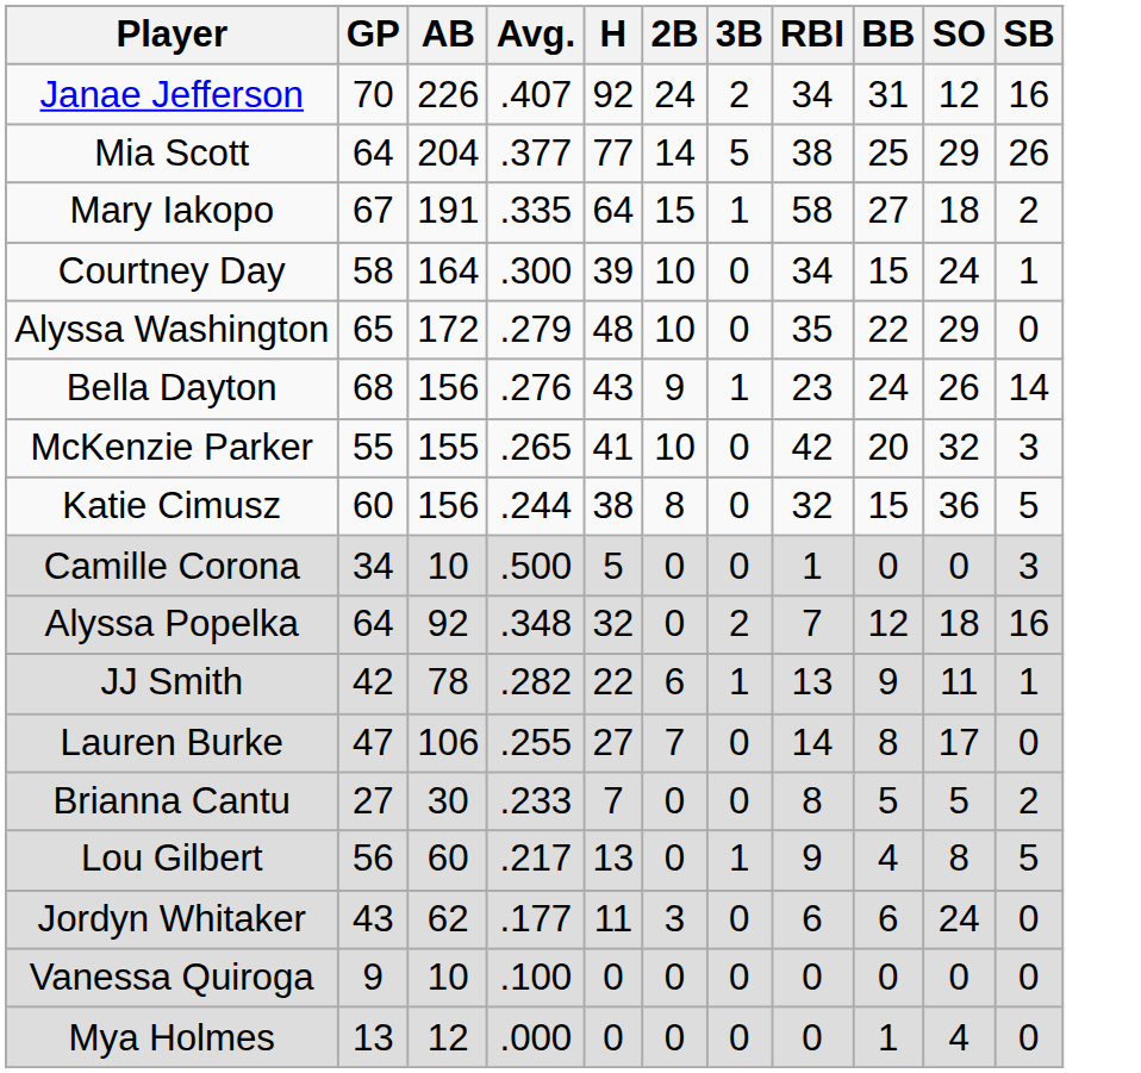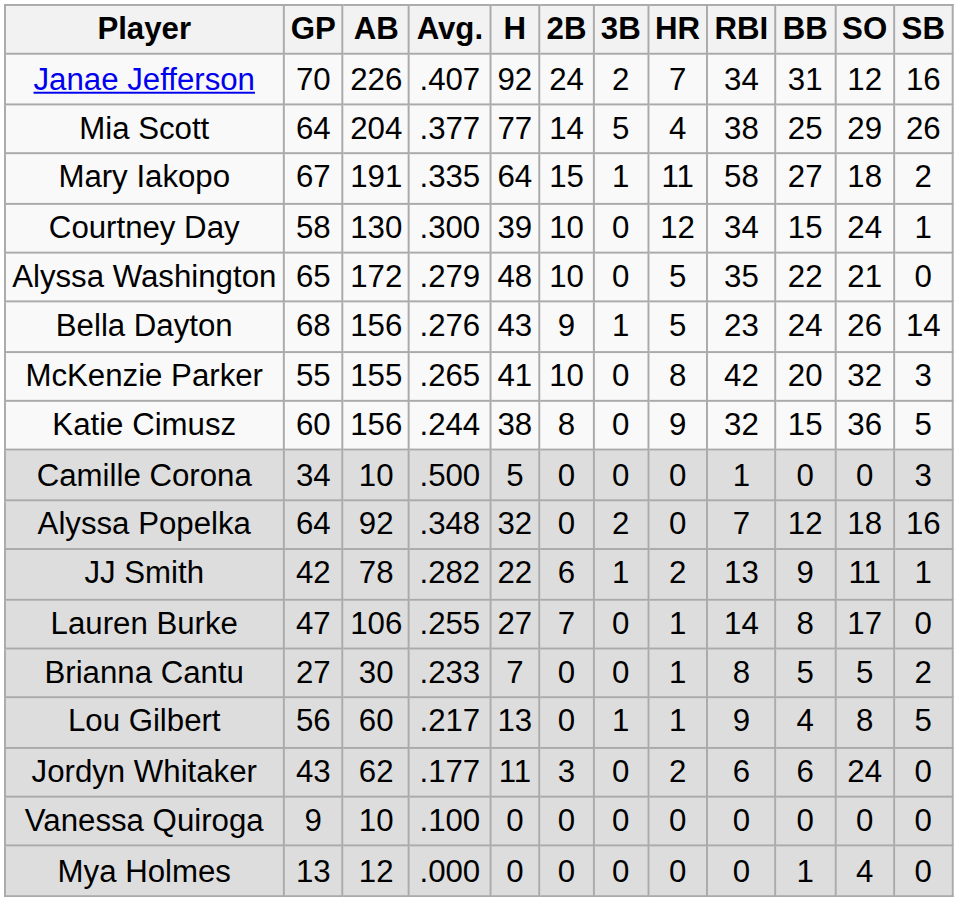 <table class="wikitable sortable">
 <tr>
 <th>Player</th>
 <th>GP</th>
 <th>AB</th>
 <th>Avg.</th>
 <th>H</th>
 <th>2B</th>
 <th>3B</th>
+<th>HR</th>
 <th>RBI</th>
 <th>BB</th>
 <th>SO</th>
 <th>SB</th>
 </tr>
 <tr style="text-align:center;">
 <td><a href='#'>Janae Jefferson</a></td>
 <td>70</td>
 <td>226</td>
 <td>.407</td>
 <td>92</td>
 <td>24</td>
 <td>2</td>
+<td>7</td>
 <td>34</td>
 <td>31</td>
 <td>12</td>
 <td>16</td>
 </tr>
 <tr style="text-align:center;">
 <td>Mia Scott</td>
 <td>64</td>
 <td>204</td>
 <td>.377</td>
 <td>77</td>
 <td>14</td>
 <td>5</td>
+<td>4</td>
 <td>38</td>
 <td>25</td>
 <td>29</td>
 <td>26</td>
 </tr>
 <tr style="text-align:center;">
 <td>Mary Iakopo</td>
 <td>67</td>
 <td>191</td>
 <td>.335</td>
 <td>64</td>
 <td>15</td>
 <td>1</td>
+<td>11</td>
 <td>58</td>
 <td>27</td>
 <td>18</td>
 <td>2</td>
 </tr>
 <tr style="text-align:center;">
 <td>Courtney Day</td>
 <td>58</td>
-<td>164</td>
+<td>130</td>
 <td>.300</td>
 <td>39</td>
 <td>10</td>
 <td>0</td>
+<td>12</td>
 <td>34</td>
 <td>15</td>
 <td>24</td>
 <td>1</td>
 </tr>
 <tr style="text-align:center;">
 <td>Alyssa Washington</td>
 <td>65</td>
 <td>172</td>
 <td>.279</td>
 <td>48</td>
 <td>10</td>
 <td>0</td>
+<td>5</td>
 <td>35</td>
 <td>22</td>
-<td>29</td>
+<td>21</td>
 <td>0</td>
 </tr>
 <tr style="text-align:center;">
 <td>Bella Dayton</td>
 <td>68</td>
 <td>156</td>
 <td>.276</td>
 <td>43</td>
 <td>9</td>
 <td>1</td>
+<td>5</td>
 <td>23</td>
 <td>24</td>
 <td>26</td>
 <td>14</td>
 </tr>
 <tr style="text-align:center;">
 <td>McKenzie Parker</td>
 <td>55</td>
 <td>155</td>
 <td>.265</td>
 <td>41</td>
 <td>10</td>
 <td>0</td>
+<td>8</td>
 <td>42</td>
 <td>20</td>
 <td>32</td>
 <td>3</td>
 </tr>
 <tr style="text-align:center;">
 <td>Katie Cimusz</td>
 <td>60</td>
 <td>156</td>
 <td>.244</td>
 <td>38</td>
 <td>8</td>
 <td>0</td>
+<td>9</td>
 <td>32</td>
 <td>15</td>
 <td>36</td>
 <td>5</td>
 </tr>
 <tr style="background:#dddddd; text-align:center;">
 <td>Camille Corona</td>
 <td>34</td>
 <td>10</td>
 <td>.500</td>
 <td>5</td>
+<td>0</td>
 <td>0</td>
 <td>0</td>
 <td>1</td>
 <td>0</td>
 <td>0</td>
 <td>3</td>
 </tr>
 <tr style="background:#dddddd; text-align:center;">
 <td>Alyssa Popelka</td>
 <td>64</td>
 <td>92</td>
 <td>.348</td>
 <td>32</td>
 <td>0</td>
 <td>2</td>
+<td>0</td>
 <td>7</td>
 <td>12</td>
 <td>18</td>
 <td>16</td>
 </tr>
 <tr style="background:#dddddd; text-align:center;">
 <td>JJ Smith</td>
 <td>42</td>
 <td>78</td>
 <td>.282</td>
 <td>22</td>
 <td>6</td>
 <td>1</td>
+<td>2</td>
 <td>13</td>
 <td>9</td>
 <td>11</td>
 <td>1</td>
 </tr>
 <tr style="background:#dddddd; text-align:center;">
 <td>Lauren Burke</td>
 <td>47</td>
 <td>106</td>
 <td>.255</td>
 <td>27</td>
 <td>7</td>
 <td>0</td>
+<td>1</td>
 <td>14</td>
 <td>8</td>
 <td>17</td>
 <td>0</td>
 </tr>
 <tr style="background:#dddddd; text-align:center;">
 <td>Brianna Cantu</td>
 <td>27</td>
 <td>30</td>
 <td>.233</td>
 <td>7</td>
 <td>0</td>
 <td>0</td>
+<td>1</td>
 <td>8</td>
 <td>5</td>
 <td>5</td>
 <td>2</td>
 </tr>
 <tr style="background:#dddddd; text-align:center;">
 <td>Lou Gilbert</td>
 <td>56</td>
 <td>60</td>
 <td>.217</td>
 <td>13</td>
 <td>0</td>
+<td>1</td>
 <td>1</td>
 <td>9</td>
 <td>4</td>
 <td>8</td>
 <td>5</td>
 </tr>
 <tr style="background:#dddddd; text-align:center;">
 <td>Jordyn Whitaker</td>
 <td>43</td>
 <td>62</td>
 <td>.177</td>
 <td>11</td>
 <td>3</td>
 <td>0</td>
+<td>2</td>
 <td>6</td>
 <td>6</td>
 <td>24</td>
 <td>0</td>
 </tr>
 <tr style="background:#dddddd; text-align:center;">
 <td>Vanessa Quiroga</td>
 <td>9</td>
 <td>10</td>
 <td>.100</td>
 <td>0</td>
 <td>0</td>
 <td>0</td>
 <td>0</td>
 <td>0</td>
 <td>0</td>
 <td>0</td>
+<td>0</td>
 </tr>
 <tr style="background:#dddddd; text-align:center;">
 <td>Mya Holmes</td>
 <td>13</td>
 <td>12</td>
 <td>.000</td>
 <td>0</td>
 <td>0</td>
 <td>0</td>
 <td>0</td>
+<td>0</td>
 <td>1</td>
 <td>4</td>
 <td>0</td>
 </tr>
 </table>
